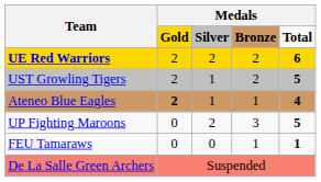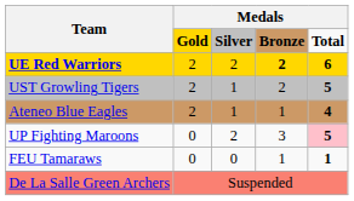 <table class="wikitable">
 <tr>
 <th rowspan=2>Team</th>
 <th colspan=4>Medals</th>
 </tr>
 <tr>
 <td align=center bgcolor="gold"><strong> Gold  </strong></td>
 <td align=center bgcolor="silver"><strong>Silver</strong></td>
 <td align=center bgcolor="CC9966"><strong>Bronze</strong></td>
 <td align=center><strong>Total</strong></td>
 </tr>
 <tr bgcolor="gold">
 <td> <strong><a href='#'>UE Red Warriors</a></strong></td>
 <td align=center>2</td>
 <td align=center>2</td>
-<td align=center>2</td>
+<td align=center><strong>2</strong></td>
 <td align=center><strong>6</strong></td>
 </tr>
 <tr bgcolor="silver">
 <td> <a href='#'>UST Growling Tigers</a></td>
 <td align=center>2</td>
 <td align=center>1</td>
 <td align=center>2</td>
 <td align=center><strong>5</strong></td>
 </tr>
 <tr bgcolor="CC9966">
 <td> <a href='#'>Ateneo Blue Eagles</a></td>
-<td align=center><strong>2</strong></td>
+<td align=center>2</td>
 <td align=center>1</td>
 <td align=center>1</td>
 <td align=center><strong>4</strong></td>
 </tr>
 <tr>
 <td> <a href='#'>UP Fighting Maroons</a></td>
 <td align=center>0</td>
 <td align=center>2</td>
 <td align=center>3</td>
-<td align=center><strong>5</strong></td>
+<td align=center style="background: pink;"><strong>5</strong></td>
 </tr>
 <tr>
 <td> <a href='#'>FEU Tamaraws</a></td>
 <td align=center>0</td>
 <td align=center>0</td>
 <td align=center>1</td>
 <td align=center><strong>1</strong></td>
 </tr>
 <tr bgcolor=salmon>
 <td> <a href='#'>De La Salle Green Archers</a></td>
 <td align=center colspan=5>Suspended</td>
 </tr>
 </table>
